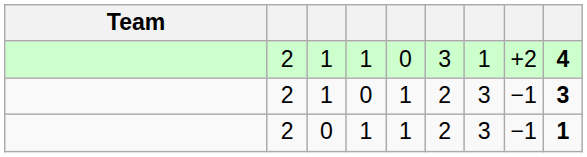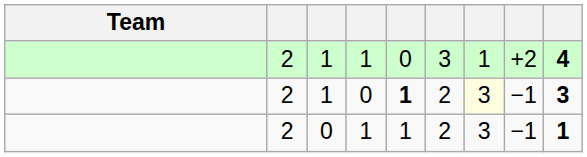 <table class="wikitable" style="text-align:center">
 <tr>
 <th width="175">Team</th>
 <th width="20"></th>
 <th width="20"></th>
 <th width="20"></th>
 <th width="20"></th>
 <th width="20"></th>
 <th width="20"></th>
 <th width="20"></th>
 <th width="20"></th>
 </tr>
 <tr bgcolor=ccffcc>
 <td align=left></td>
 <td>2</td>
 <td>1</td>
 <td>1</td>
 <td>0</td>
 <td>3</td>
 <td>1</td>
 <td>+2</td>
 <td><strong>4</strong></td>
 </tr>
 <tr>
 <td align=left></td>
 <td>2</td>
 <td>1</td>
 <td>0</td>
-<td>1</td>
+<td><strong>1</strong></td>
 <td>2</td>
-<td>3</td>
+<td style="background: lightyellow;">3</td>
 <td>−1</td>
 <td><strong>3</strong></td>
 </tr>
 <tr>
 <td align=left></td>
 <td>2</td>
 <td>0</td>
 <td>1</td>
 <td>1</td>
 <td>2</td>
 <td>3</td>
 <td>−1</td>
 <td><strong>1</strong></td>
 </tr>
 </table>
